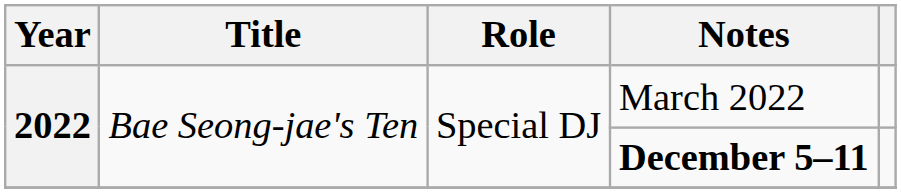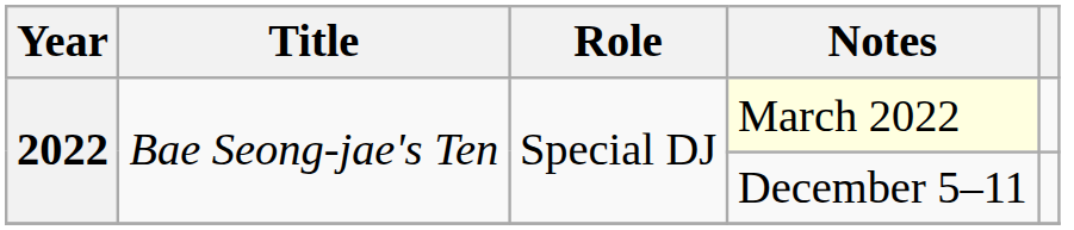 <table class="wikitable plainrowheaders">
 <tr>
 <th scope="col">Year</th>
 <th scope="col">Title</th>
 <th scope="col">Role</th>
 <th scope="col">Notes</th>
 <th scope="col" class="unsortable"></th>
 </tr>
 <tr>
 <th scope="row" rowspan=2>2022</th>
 <td rowspan=2><em>Bae Seong-jae's Ten</em></td>
 <td rowspan=2>Special  DJ</td>
-<td>March 2022</td>
+<td style="background: lightyellow;">March 2022</td>
 <td></td>
 </tr>
 <tr>
-<td><strong>December 5–11</strong></td>
+<td>December 5–11</td>
 <td></td>
 </tr>
 <tr>
 </tr>
 </table>
